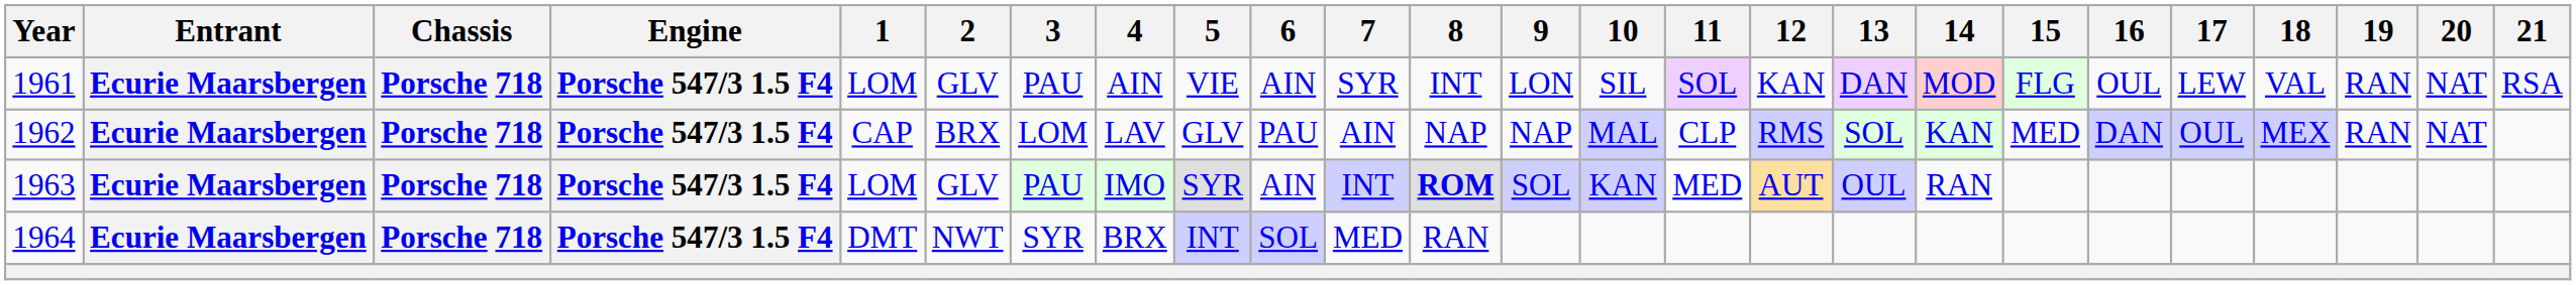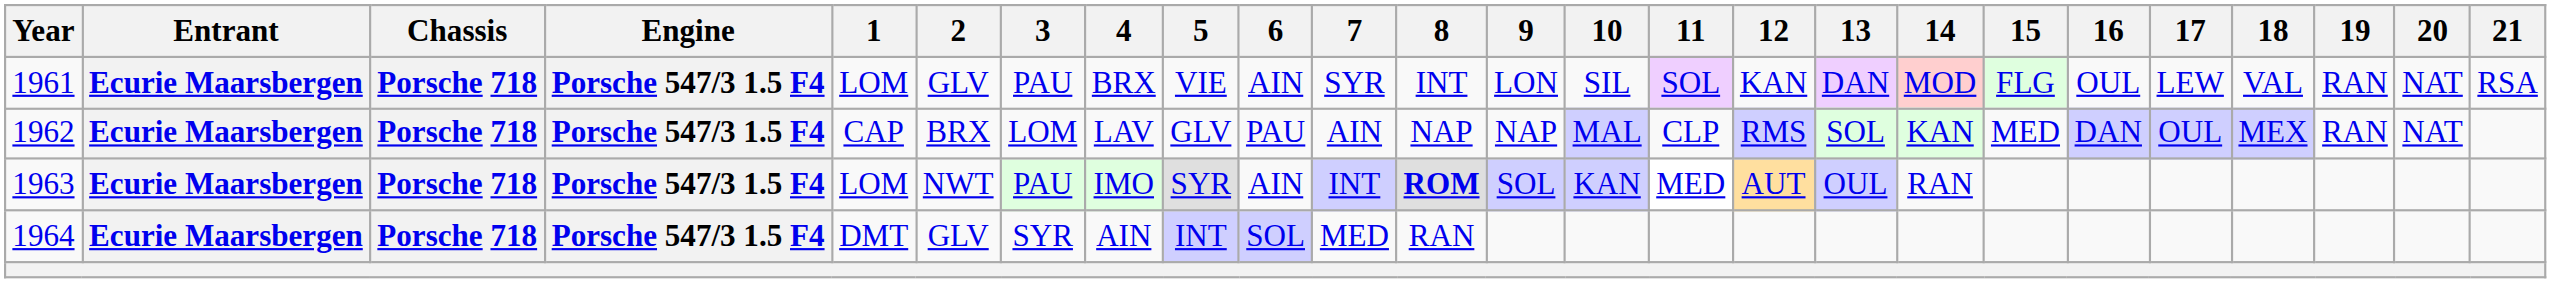 <table class="wikitable" style="text-align:center; font-size:90%">
 <tr>
 <th>Year</th>
 <th>Entrant</th>
 <th>Chassis</th>
 <th>Engine</th>
 <th>1</th>
 <th>2</th>
 <th>3</th>
 <th>4</th>
 <th>5</th>
 <th>6</th>
 <th>7</th>
 <th>8</th>
 <th>9</th>
 <th>10</th>
 <th>11</th>
 <th>12</th>
 <th>13</th>
 <th>14</th>
 <th>15</th>
 <th>16</th>
 <th>17</th>
 <th>18</th>
 <th>19</th>
 <th>20</th>
 <th>21</th>
 </tr>
 <tr>
 <td><a href='#'>1961</a></td>
 <th><a href='#'>Ecurie Maarsbergen</a></th>
 <th><a href='#'>Porsche</a> <a href='#'>718</a></th>
 <th><a href='#'>Porsche</a> 547/3 1.5 <a href='#'>F4</a></th>
 <td><a href='#'>LOM</a></td>
 <td><a href='#'>GLV</a></td>
 <td><a href='#'>PAU</a></td>
-<td><a href='#'>AIN</a></td>
+<td><a href='#'>BRX</a></td>
 <td><a href='#'>VIE</a></td>
 <td><a href='#'>AIN</a></td>
 <td><a href='#'>SYR</a></td>
 <td><a href='#'>INT</a></td>
 <td><a href='#'>LON</a></td>
 <td><a href='#'>SIL</a></td>
 <td style="background:#efcfff;"><a href='#'>SOL</a><br></td>
 <td><a href='#'>KAN</a></td>
 <td style="background:#efcfff;"><a href='#'>DAN</a><br></td>
 <td style="background:#ffcfcf;"><a href='#'>MOD</a><br></td>
 <td style="background:#dfffdf;"><a href='#'>FLG</a><br></td>
 <td><a href='#'>OUL</a></td>
 <td><a href='#'>LEW</a></td>
 <td><a href='#'>VAL</a></td>
 <td><a href='#'>RAN</a></td>
 <td><a href='#'>NAT</a></td>
 <td><a href='#'>RSA</a></td>
 </tr>
 <tr>
 <td><a href='#'>1962</a></td>
 <th><a href='#'>Ecurie Maarsbergen</a></th>
 <th><a href='#'>Porsche</a> <a href='#'>718</a></th>
 <th><a href='#'>Porsche</a> 547/3 1.5 <a href='#'>F4</a></th>
 <td><a href='#'>CAP</a></td>
 <td><a href='#'>BRX</a></td>
 <td><a href='#'>LOM</a></td>
 <td><a href='#'>LAV</a></td>
 <td><a href='#'>GLV</a></td>
 <td><a href='#'>PAU</a></td>
 <td><a href='#'>AIN</a></td>
 <td><a href='#'>NAP</a></td>
 <td><a href='#'>NAP</a></td>
 <td style="background:#cfcfff;"><a href='#'>MAL</a><br></td>
 <td><a href='#'>CLP</a></td>
 <td style="background:#cfcfff;"><a href='#'>RMS</a><br></td>
 <td style="background:#dfffdf;"><a href='#'>SOL</a><br></td>
 <td style="background:#dfffdf;"><a href='#'>KAN</a><br></td>
 <td><a href='#'>MED</a></td>
 <td style="background:#cfcfff;"><a href='#'>DAN</a><br></td>
 <td style="background:#cfcfff;"><a href='#'>OUL</a><br></td>
 <td style="background:#cfcfff;"><a href='#'>MEX</a><br></td>
 <td><a href='#'>RAN</a></td>
 <td><a href='#'>NAT</a></td>
 <td></td>
 </tr>
 <tr>
 <td><a href='#'>1963</a></td>
 <th><a href='#'>Ecurie Maarsbergen</a></th>
 <th><a href='#'>Porsche</a> <a href='#'>718</a></th>
 <th><a href='#'>Porsche</a> 547/3 1.5 <a href='#'>F4</a></th>
 <td><a href='#'>LOM</a></td>
-<td><a href='#'>GLV</a></td>
+<td><a href='#'>NWT</a></td>
 <td style="background:#dfffdf;"><a href='#'>PAU</a><br></td>
 <td style="background:#dfffdf;"><a href='#'>IMO</a><br></td>
 <td style="background:#dfdfdf;"><a href='#'>SYR</a><br></td>
 <td><a href='#'>AIN</a></td>
 <td style="background:#cfcfff;"><a href='#'>INT</a><br></td>
 <td style="background:#dfdfdf;"><strong><a href='#'>ROM</a></strong><br></td>
 <td style="background:#cfcfff;"><a href='#'>SOL</a><br></td>
 <td style="background:#cfcfff;"><a href='#'>KAN</a><br></td>
 <td style="background:#ffffff;"><a href='#'>MED</a><br></td>
 <td style="background:#ffdf9f;"><a href='#'>AUT</a><br></td>
 <td style="background:#cfcfff;"><a href='#'>OUL</a><br></td>
 <td><a href='#'>RAN</a></td>
 <td></td>
 <td></td>
 <td></td>
 <td></td>
 <td></td>
 <td></td>
 <td></td>
 </tr>
 <tr>
 <td><a href='#'>1964</a></td>
 <th><a href='#'>Ecurie Maarsbergen</a></th>
 <th><a href='#'>Porsche</a> <a href='#'>718</a></th>
 <th><a href='#'>Porsche</a> 547/3 1.5 <a href='#'>F4</a></th>
 <td><a href='#'>DMT</a></td>
-<td><a href='#'>NWT</a></td>
+<td><a href='#'>GLV</a></td>
 <td><a href='#'>SYR</a></td>
-<td><a href='#'>BRX</a></td>
+<td><a href='#'>AIN</a></td>
 <td style="background:#cfcfff;"><a href='#'>INT</a><br></td>
 <td style="background:#cfcfff;"><a href='#'>SOL</a><br></td>
 <td><a href='#'>MED</a></td>
 <td><a href='#'>RAN</a></td>
 <td></td>
 <td></td>
 <td></td>
 <td></td>
 <td></td>
 <td></td>
 <td></td>
 <td></td>
 <td></td>
 <td></td>
 <td></td>
 <td></td>
 <td></td>
 </tr>
 <tr>
 <th colspan=25></th>
 </tr>
 </table>
